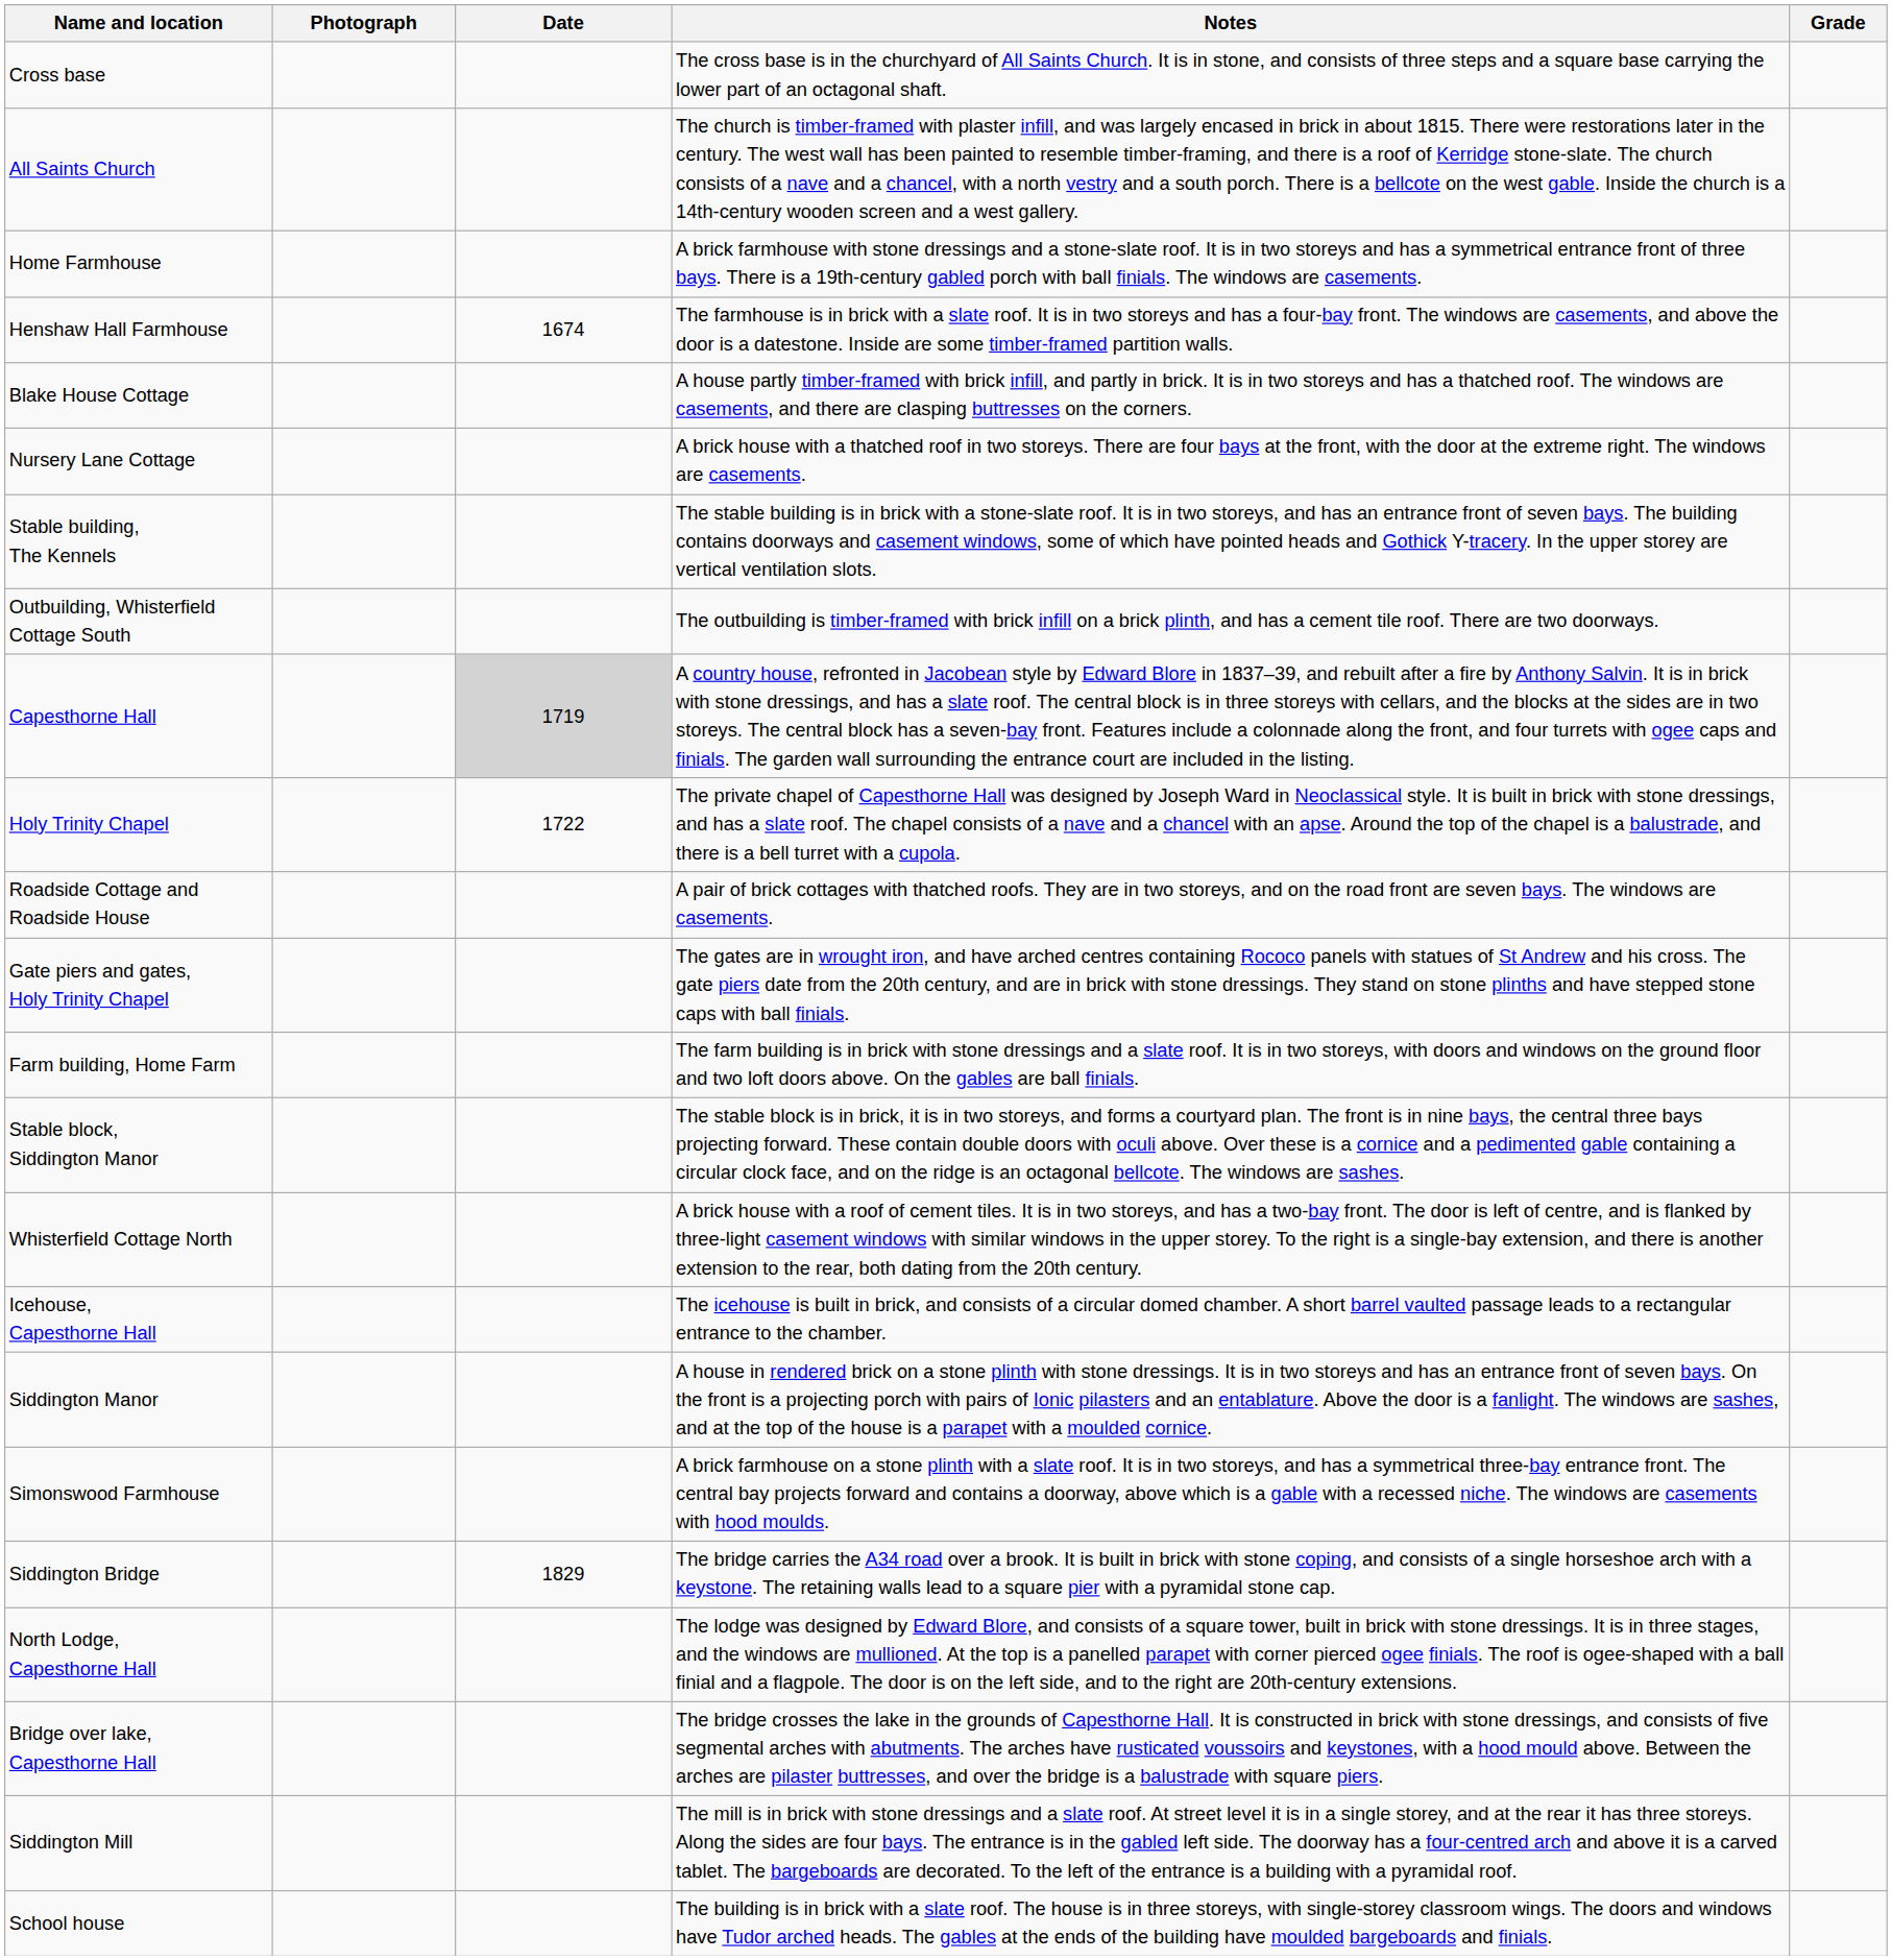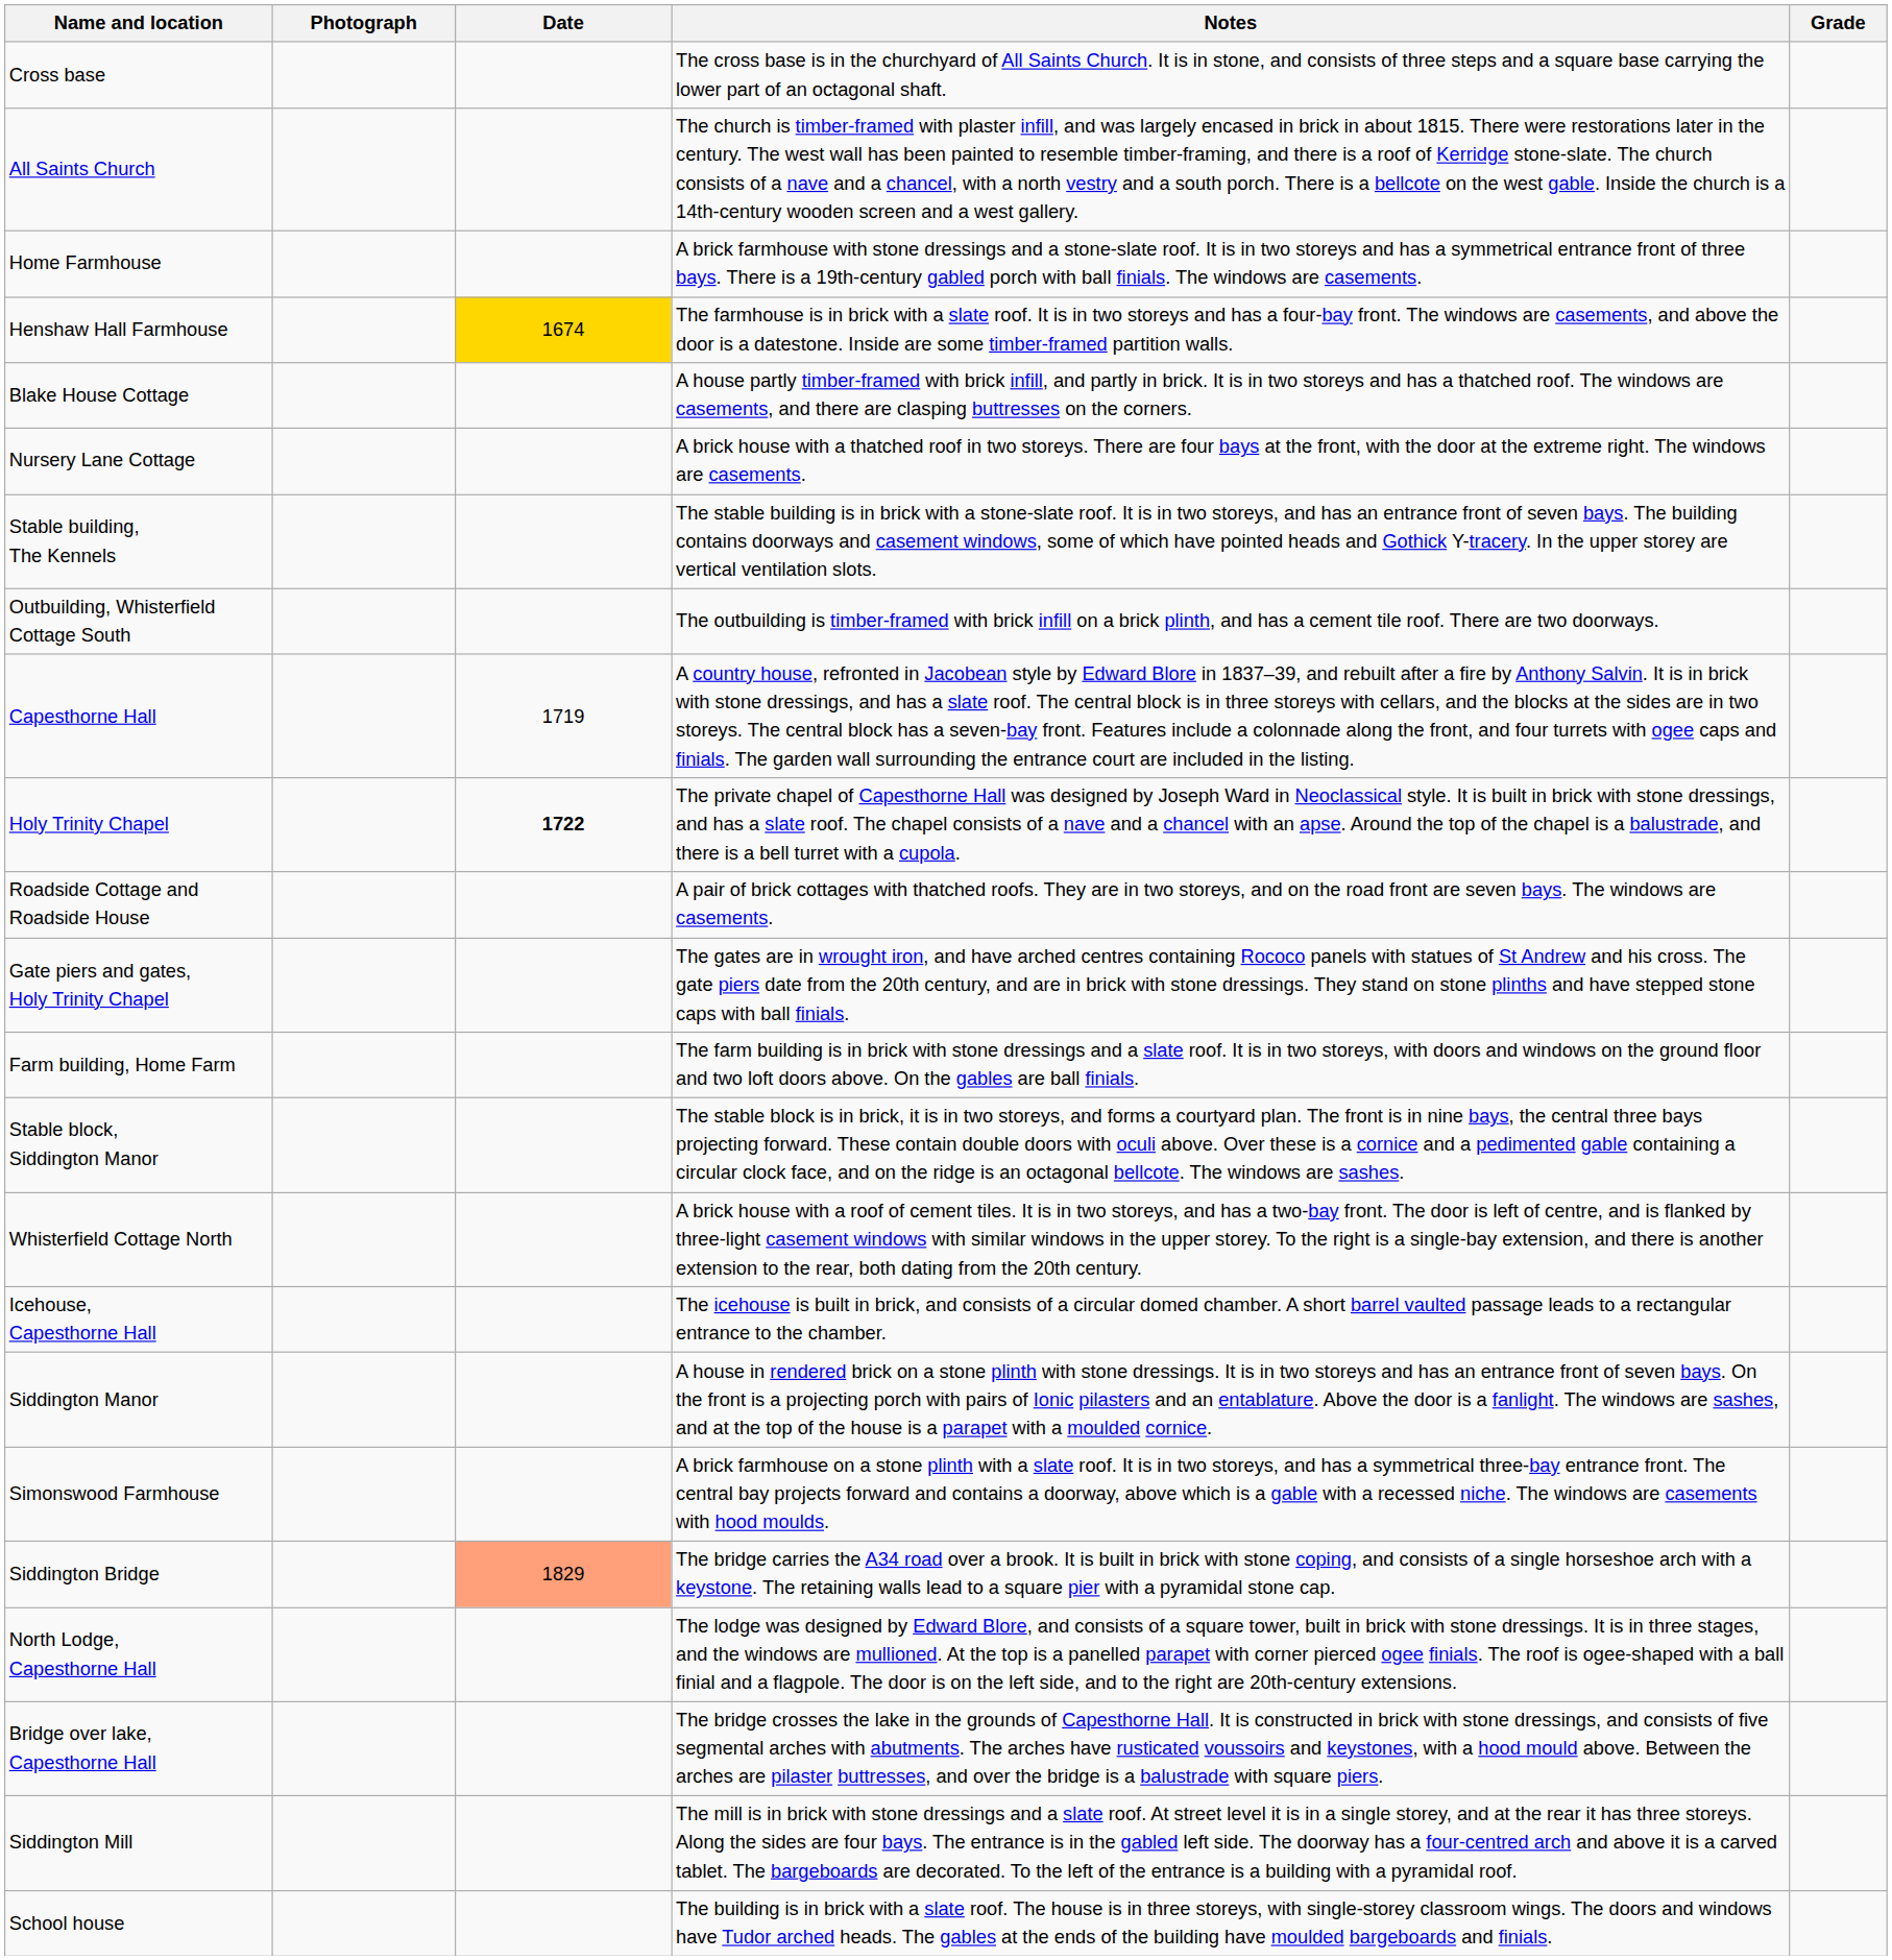 <table class="wikitable sortable plainrowheaders" style="width:100%;border:0px;text-align:left;line-height:150%;">
 <tr>
 <th scope="col"  style="width:150px">Name and location</th>
 <th scope="col"  style="width:100px" class="unsortable">Photograph</th>
 <th scope="col"  style="width:120px">Date</th>
 <th scope="col"  style="width:650px" class="unsortable">Notes</th>
 <th scope="col"  style="width:50px">Grade</th>
 </tr>
 <tr>
 <td>Cross base<br><small></small></td>
 <td></td>
 <td align="center"></td>
 <td>The cross base is in the churchyard of <a href='#'>All Saints Church</a>.  It is in stone, and consists of three steps and a square base carrying the lower part of an octagonal shaft.</td>
 <td align="center" ></td>
 </tr>
 <tr>
 <td><a href='#'>All Saints Church</a><br><small></small></td>
 <td></td>
 <td align="center"></td>
 <td>The church is <a href='#'>timber-framed</a> with plaster <a href='#'>infill</a>, and was largely encased in brick in about 1815.  There were restorations later in the century.  The west wall has been painted to resemble timber-framing, and there is a roof of <a href='#'>Kerridge</a> stone-slate.  The church consists of a <a href='#'>nave</a> and a <a href='#'>chancel</a>, with a north <a href='#'>vestry</a> and a south porch.  There is a <a href='#'>bellcote</a> on the west <a href='#'>gable</a>.  Inside the church is a 14th-century wooden screen and a west gallery.</td>
 <td align="center" ></td>
 </tr>
 <tr>
 <td>Home Farmhouse<br><small></small></td>
 <td></td>
 <td align="center"></td>
 <td>A brick farmhouse with stone dressings and a stone-slate roof.  It is in two storeys and has a symmetrical entrance front of three <a href='#'>bays</a>.  There is a 19th-century <a href='#'>gabled</a> porch with ball <a href='#'>finials</a>.  The windows are <a href='#'>casements</a>.</td>
 <td align="center" ></td>
 </tr>
 <tr>
 <td>Henshaw Hall Farmhouse<br><small></small></td>
 <td></td>
-<td align="center">1674</td>
+<td align="center" style="background: gold;">1674</td>
 <td>The farmhouse is in brick with a <a href='#'>slate</a> roof.  It is in two storeys and has a four-<a href='#'>bay</a> front.  The windows are <a href='#'>casements</a>, and above the door is a datestone.  Inside are some <a href='#'>timber-framed</a> partition walls.</td>
 <td align="center" ></td>
 </tr>
 <tr>
 <td>Blake House Cottage<br><small></small></td>
 <td></td>
 <td align="center"></td>
 <td>A house partly <a href='#'>timber-framed</a> with brick <a href='#'>infill</a>, and partly in brick.  It is in two storeys and has a thatched roof.  The windows are <a href='#'>casements</a>, and there are clasping <a href='#'>buttresses</a> on the corners.</td>
 <td align="center" ></td>
 </tr>
 <tr>
 <td>Nursery Lane Cottage<br><small></small></td>
 <td></td>
 <td align="center"></td>
 <td>A brick house with a thatched roof in two storeys.  There are four <a href='#'>bays</a> at the front, with the door at the extreme right.  The windows are <a href='#'>casements</a>.</td>
 <td align="center" ></td>
 </tr>
 <tr>
 <td>Stable building,<br>The Kennels<br><small></small></td>
 <td></td>
 <td align="center"></td>
 <td>The stable building is in brick with a stone-slate roof.  It is in two storeys, and has an entrance front of seven <a href='#'>bays</a>.  The building contains doorways and <a href='#'>casement windows</a>, some of which have pointed heads and <a href='#'>Gothick</a> Y-<a href='#'>tracery</a>.  In the upper storey are vertical ventilation slots.</td>
 <td align="center" ></td>
 </tr>
 <tr>
 <td>Outbuilding, Whisterfield Cottage South<br><small></small></td>
 <td></td>
 <td align="center"></td>
 <td>The outbuilding is <a href='#'>timber-framed</a> with brick <a href='#'>infill</a> on a brick <a href='#'>plinth</a>, and has a cement tile roof.  There are two doorways.</td>
 <td align="center" ></td>
 </tr>
 <tr>
 <td><a href='#'>Capesthorne Hall</a><br><small></small></td>
 <td></td>
-<td align="center" style="background: lightgrey;">1719</td>
+<td align="center">1719</td>
 <td>A <a href='#'>country house</a>, refronted in <a href='#'>Jacobean</a> style by <a href='#'>Edward Blore</a> in 1837–39, and rebuilt after a fire by <a href='#'>Anthony Salvin</a>.  It is in brick with stone dressings, and has a <a href='#'>slate</a> roof.  The central block is in three storeys with cellars, and the blocks at the sides are in two storeys.  The central block has a seven-<a href='#'>bay</a> front. Features include a colonnade along the front, and four turrets with <a href='#'>ogee</a> caps and <a href='#'>finials</a>.  The garden wall surrounding the entrance court are included in the listing.</td>
 <td align="center" ></td>
 </tr>
 <tr>
 <td><a href='#'>Holy Trinity Chapel</a><br><small></small></td>
 <td></td>
-<td align="center">1722</td>
+<td align="center"><strong>1722</strong></td>
 <td>The private chapel of <a href='#'>Capesthorne Hall</a> was designed by Joseph Ward in <a href='#'>Neoclassical</a> style.  It is built in brick with stone dressings, and has a <a href='#'>slate</a> roof.  The chapel consists of a <a href='#'>nave</a> and a <a href='#'>chancel</a> with an <a href='#'>apse</a>.  Around the top of the chapel is a <a href='#'>balustrade</a>, and there is a bell turret with a <a href='#'>cupola</a>.</td>
 <td align="center" ></td>
 </tr>
 <tr>
 <td>Roadside Cottage and Roadside House<br><small></small></td>
 <td></td>
 <td align="center"></td>
 <td>A pair of brick cottages with thatched roofs.  They are in two storeys, and on the road front are seven <a href='#'>bays</a>.  The windows are <a href='#'>casements</a>.</td>
 <td align="center" ></td>
 </tr>
 <tr>
 <td>Gate piers and gates,<br><a href='#'>Holy Trinity Chapel</a><br><small></small></td>
 <td></td>
 <td align="center"></td>
 <td>The gates are in <a href='#'>wrought iron</a>, and have arched centres containing <a href='#'>Rococo</a> panels with statues of <a href='#'>St Andrew</a> and his cross. The gate <a href='#'>piers</a> date from the 20th century, and are in brick with stone dressings.  They stand on stone <a href='#'>plinths</a> and have stepped stone caps with ball <a href='#'>finials</a>.</td>
 <td align="center" ></td>
 </tr>
 <tr>
 <td>Farm building, Home Farm<br><small></small></td>
 <td></td>
 <td align="center"></td>
 <td>The farm building is in brick with stone dressings and a <a href='#'>slate</a> roof.  It is in two storeys, with doors and windows on the ground floor and two loft doors above.  On the <a href='#'>gables</a> are ball <a href='#'>finials</a>.</td>
 <td align="center" ></td>
 </tr>
 <tr>
 <td>Stable block,<br>Siddington Manor<br><small></small></td>
 <td></td>
 <td align="center"></td>
 <td>The stable block is in brick, it is in two storeys, and forms a courtyard plan.  The front is in nine <a href='#'>bays</a>, the central three bays projecting forward.  These contain double doors with <a href='#'>oculi</a> above.  Over these is a <a href='#'>cornice</a> and a <a href='#'>pedimented</a> <a href='#'>gable</a> containing a circular clock face, and on the ridge is an octagonal <a href='#'>bellcote</a>.  The windows are <a href='#'>sashes</a>.</td>
 <td align="center" ></td>
 </tr>
 <tr>
 <td>Whisterfield Cottage North<br><small></small></td>
 <td></td>
 <td align="center"></td>
 <td>A brick house with a roof of cement tiles.  It is in two storeys, and has a two-<a href='#'>bay</a> front.  The door is left of centre, and is flanked by three-light <a href='#'>casement windows</a> with similar windows in the upper storey.  To the right is a single-bay extension, and there is another extension to the rear, both dating from the 20th century.</td>
 <td align="center" ></td>
 </tr>
 <tr>
 <td>Icehouse,<br><a href='#'>Capesthorne Hall</a><br><small></small></td>
 <td></td>
 <td align="center"></td>
 <td>The <a href='#'>icehouse</a> is built in brick, and consists of a circular domed chamber.  A short <a href='#'>barrel vaulted</a> passage leads to a rectangular entrance to the chamber.</td>
 <td align="center" ></td>
 </tr>
 <tr>
 <td>Siddington Manor<br><small></small></td>
 <td></td>
 <td align="center"></td>
 <td>A house in <a href='#'>rendered</a> brick on a stone <a href='#'>plinth</a> with stone dressings.  It is in two storeys and has an entrance front of seven <a href='#'>bays</a>. On the front is a projecting porch with pairs of <a href='#'>Ionic</a> <a href='#'>pilasters</a> and an <a href='#'>entablature</a>.  Above the door is a <a href='#'>fanlight</a>.  The windows are <a href='#'>sashes</a>, and at the top of the house is a <a href='#'>parapet</a> with a <a href='#'>moulded</a> <a href='#'>cornice</a>.</td>
 <td align="center" ></td>
 </tr>
 <tr>
 <td>Simonswood Farmhouse<br><small></small></td>
 <td></td>
 <td align="center"></td>
 <td>A brick farmhouse on a stone <a href='#'>plinth</a> with a <a href='#'>slate</a> roof.  It is in two storeys, and has a symmetrical three-<a href='#'>bay</a> entrance front.  The central bay projects forward and contains a doorway, above which is a <a href='#'>gable</a> with a recessed <a href='#'>niche</a>.  The windows are <a href='#'>casements</a> with <a href='#'>hood moulds</a>.</td>
 <td align="center" ></td>
 </tr>
 <tr>
 <td>Siddington Bridge<br><small></small></td>
 <td></td>
-<td align="center">1829</td>
+<td align="center" style="background: lightsalmon;">1829</td>
 <td>The bridge carries the <a href='#'>A34 road</a> over a brook.  It is built in brick with stone <a href='#'>coping</a>, and consists of a single horseshoe arch with a <a href='#'>keystone</a>.  The retaining walls lead to a square <a href='#'>pier</a> with a pyramidal stone cap.</td>
 <td align="center" ></td>
 </tr>
 <tr>
 <td>North Lodge,<br><a href='#'>Capesthorne Hall</a><br><small></small></td>
 <td></td>
 <td align="center"></td>
 <td>The lodge was designed by <a href='#'>Edward Blore</a>, and consists of a square tower, built in brick with stone dressings.  It is in three stages, and the windows are <a href='#'>mullioned</a>.  At the top is a panelled <a href='#'>parapet</a> with corner pierced <a href='#'>ogee</a> <a href='#'>finials</a>.  The roof is ogee-shaped with a ball finial and a flagpole.  The door is on the left side, and to the right are 20th-century extensions.</td>
 <td align="center" ></td>
 </tr>
 <tr>
 <td>Bridge over lake,<br><a href='#'>Capesthorne Hall</a><br><small></small></td>
 <td></td>
 <td align="center"></td>
 <td>The bridge crosses the lake in the grounds of <a href='#'>Capesthorne Hall</a>.  It is constructed in brick with stone dressings, and consists of five segmental arches with <a href='#'>abutments</a>.  The arches have <a href='#'>rusticated</a> <a href='#'>voussoirs</a> and <a href='#'>keystones</a>, with a <a href='#'>hood mould</a> above.  Between the arches are <a href='#'>pilaster</a> <a href='#'>buttresses</a>, and over the bridge is a <a href='#'>balustrade</a> with square <a href='#'>piers</a>.</td>
 <td align="center" ></td>
 </tr>
 <tr>
 <td>Siddington Mill<br><small></small></td>
 <td></td>
 <td align="center"></td>
 <td>The mill is in brick with stone dressings and a <a href='#'>slate</a> roof.  At street level it is in a single storey, and at the rear it has three storeys.  Along the sides are four <a href='#'>bays</a>.  The entrance is in the <a href='#'>gabled</a> left side.  The doorway has a <a href='#'>four-centred arch</a> and above it is a carved tablet.  The <a href='#'>bargeboards</a> are decorated.  To the left of the entrance is a building with a pyramidal roof.</td>
 <td align="center" ></td>
 </tr>
 <tr>
 <td>School house<br><small></small></td>
 <td></td>
 <td align="center"></td>
 <td>The building is in brick with a <a href='#'>slate</a> roof.  The house is in three storeys, with single-storey classroom wings.  The doors and windows have <a href='#'>Tudor arched</a> heads.  The <a href='#'>gables</a> at the ends of the building have <a href='#'>moulded</a> <a href='#'>bargeboards</a> and <a href='#'>finials</a>.</td>
 <td align="center" ></td>
 </tr>
 <tr>
 </tr>
 </table>
